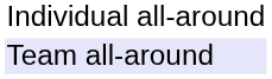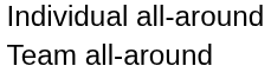 <table>
 <tr>
 <td>Individual all-around</td>
 <td><br></td>
 <td></td>
 <td></td>
 </tr>
 <tr>
-<td style="background: lavender;">Team all-around</td>
+<td>Team all-around</td>
 <td></td>
 <td></td>
 <td></td>
 </tr>
 </table>
